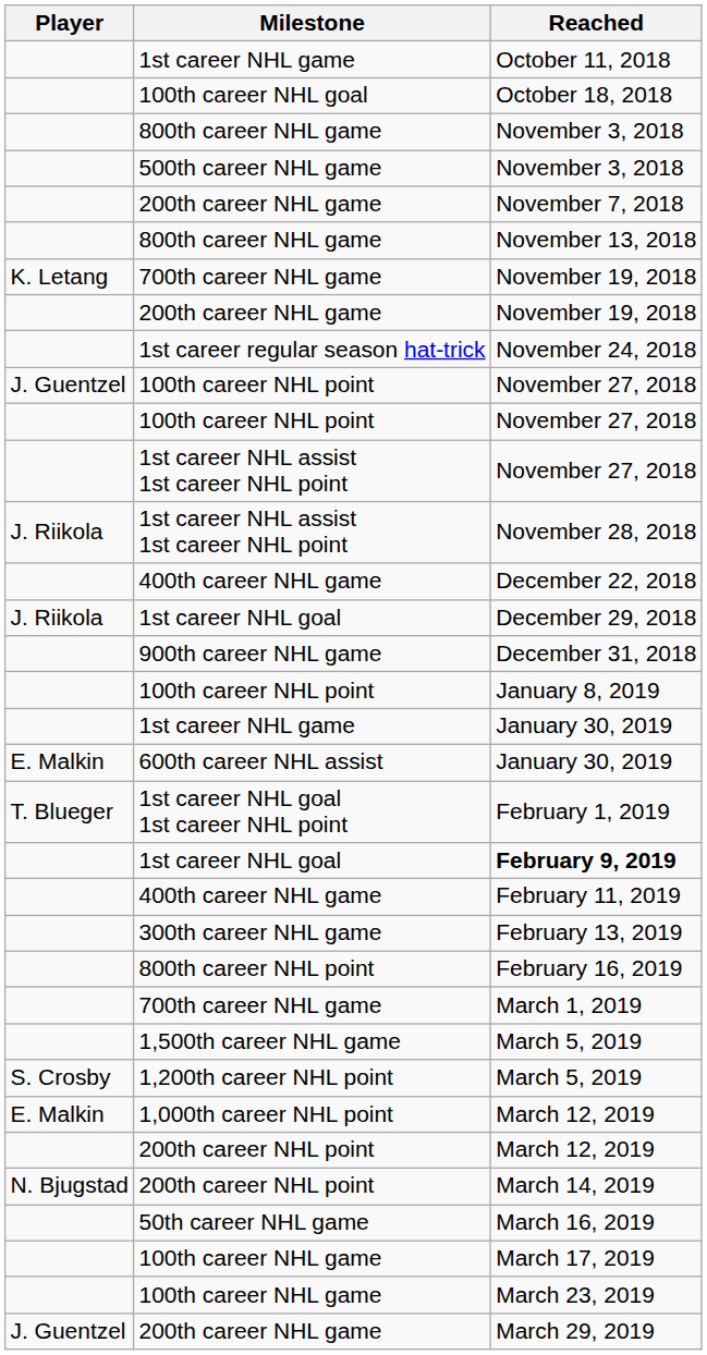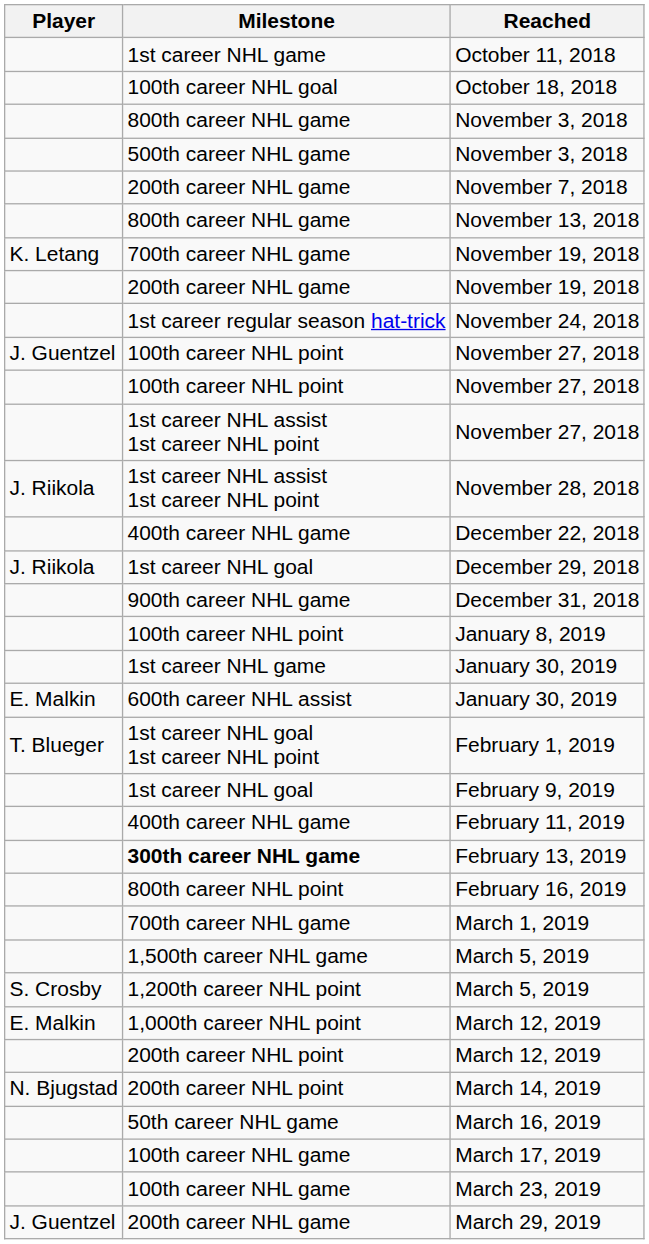 <table class="wikitable sortable">
 <tr>
 <th>Player</th>
 <th>Milestone</th>
 <th data-sort-type="date">Reached</th>
 </tr>
 <tr>
 <td></td>
 <td>1st career NHL game</td>
 <td>October 11, 2018</td>
 </tr>
 <tr>
 <td></td>
 <td>100th career NHL goal</td>
 <td>October 18, 2018</td>
 </tr>
 <tr>
 <td></td>
 <td>800th career NHL game</td>
 <td>November 3, 2018</td>
 </tr>
 <tr>
 <td></td>
 <td>500th career NHL game</td>
 <td>November 3, 2018</td>
 </tr>
 <tr>
 <td></td>
 <td>200th career NHL game</td>
 <td>November 7, 2018</td>
 </tr>
 <tr>
 <td></td>
 <td>800th career NHL game</td>
 <td>November 13, 2018</td>
 </tr>
 <tr>
 <td>K. Letang</td>
 <td>700th career NHL game</td>
 <td>November 19, 2018</td>
 </tr>
 <tr>
 <td></td>
 <td>200th career NHL game</td>
 <td>November 19, 2018</td>
 </tr>
 <tr>
 <td></td>
 <td>1st career regular season <a href='#'>hat-trick</a></td>
 <td>November 24, 2018</td>
 </tr>
 <tr>
 <td>J. Guentzel</td>
 <td>100th career NHL point</td>
 <td>November 27, 2018</td>
 </tr>
 <tr>
 <td></td>
 <td>100th career NHL point</td>
 <td>November 27, 2018</td>
 </tr>
 <tr>
 <td></td>
 <td>1st career NHL assist<br>1st career NHL point</td>
 <td>November 27, 2018</td>
 </tr>
 <tr>
 <td>J. Riikola</td>
 <td>1st career NHL assist<br>1st career NHL point</td>
 <td>November 28, 2018</td>
 </tr>
 <tr>
 <td></td>
 <td>400th career NHL game</td>
 <td>December 22, 2018</td>
 </tr>
 <tr>
 <td>J. Riikola</td>
 <td>1st career NHL goal</td>
 <td>December 29, 2018</td>
 </tr>
 <tr>
 <td></td>
 <td>900th career NHL game</td>
 <td>December 31, 2018</td>
 </tr>
 <tr>
 <td></td>
 <td>100th career NHL point</td>
 <td>January 8, 2019</td>
 </tr>
 <tr>
 <td></td>
 <td>1st career NHL game</td>
 <td>January 30, 2019</td>
 </tr>
 <tr>
 <td>E. Malkin</td>
 <td>600th career NHL assist</td>
 <td>January 30, 2019</td>
 </tr>
 <tr>
 <td>T. Blueger</td>
 <td>1st career NHL goal<br>1st career NHL point</td>
 <td>February 1, 2019</td>
 </tr>
 <tr>
 <td></td>
 <td>1st career NHL goal</td>
-<td><strong>February 9, 2019</strong></td>
+<td>February 9, 2019</td>
 </tr>
 <tr>
 <td></td>
 <td>400th career NHL game</td>
 <td>February 11, 2019</td>
 </tr>
 <tr>
 <td></td>
-<td>300th career NHL game</td>
+<td><strong>300th career NHL game</strong></td>
 <td>February 13, 2019</td>
 </tr>
 <tr>
 <td></td>
 <td>800th career NHL point</td>
 <td>February 16, 2019</td>
 </tr>
 <tr>
 <td></td>
 <td>700th career NHL game</td>
 <td>March 1, 2019</td>
 </tr>
 <tr>
 <td></td>
 <td>1,500th career NHL game</td>
 <td>March 5, 2019</td>
 </tr>
 <tr>
 <td>S. Crosby</td>
 <td>1,200th career NHL point</td>
 <td>March 5, 2019</td>
 </tr>
 <tr>
 <td>E. Malkin</td>
 <td>1,000th career NHL point</td>
 <td>March 12, 2019</td>
 </tr>
 <tr>
 <td></td>
 <td>200th career NHL point</td>
 <td>March 12, 2019</td>
 </tr>
 <tr>
 <td>N. Bjugstad</td>
 <td>200th career NHL point</td>
 <td>March 14, 2019</td>
 </tr>
 <tr>
 <td></td>
 <td>50th career NHL game</td>
 <td>March 16, 2019</td>
 </tr>
 <tr>
 <td></td>
 <td>100th career NHL game</td>
 <td>March 17, 2019</td>
 </tr>
 <tr>
 <td></td>
 <td>100th career NHL game</td>
 <td>March 23, 2019</td>
 </tr>
 <tr>
 <td>J. Guentzel</td>
 <td>200th career NHL game</td>
 <td>March 29, 2019</td>
 </tr>
 </table>
